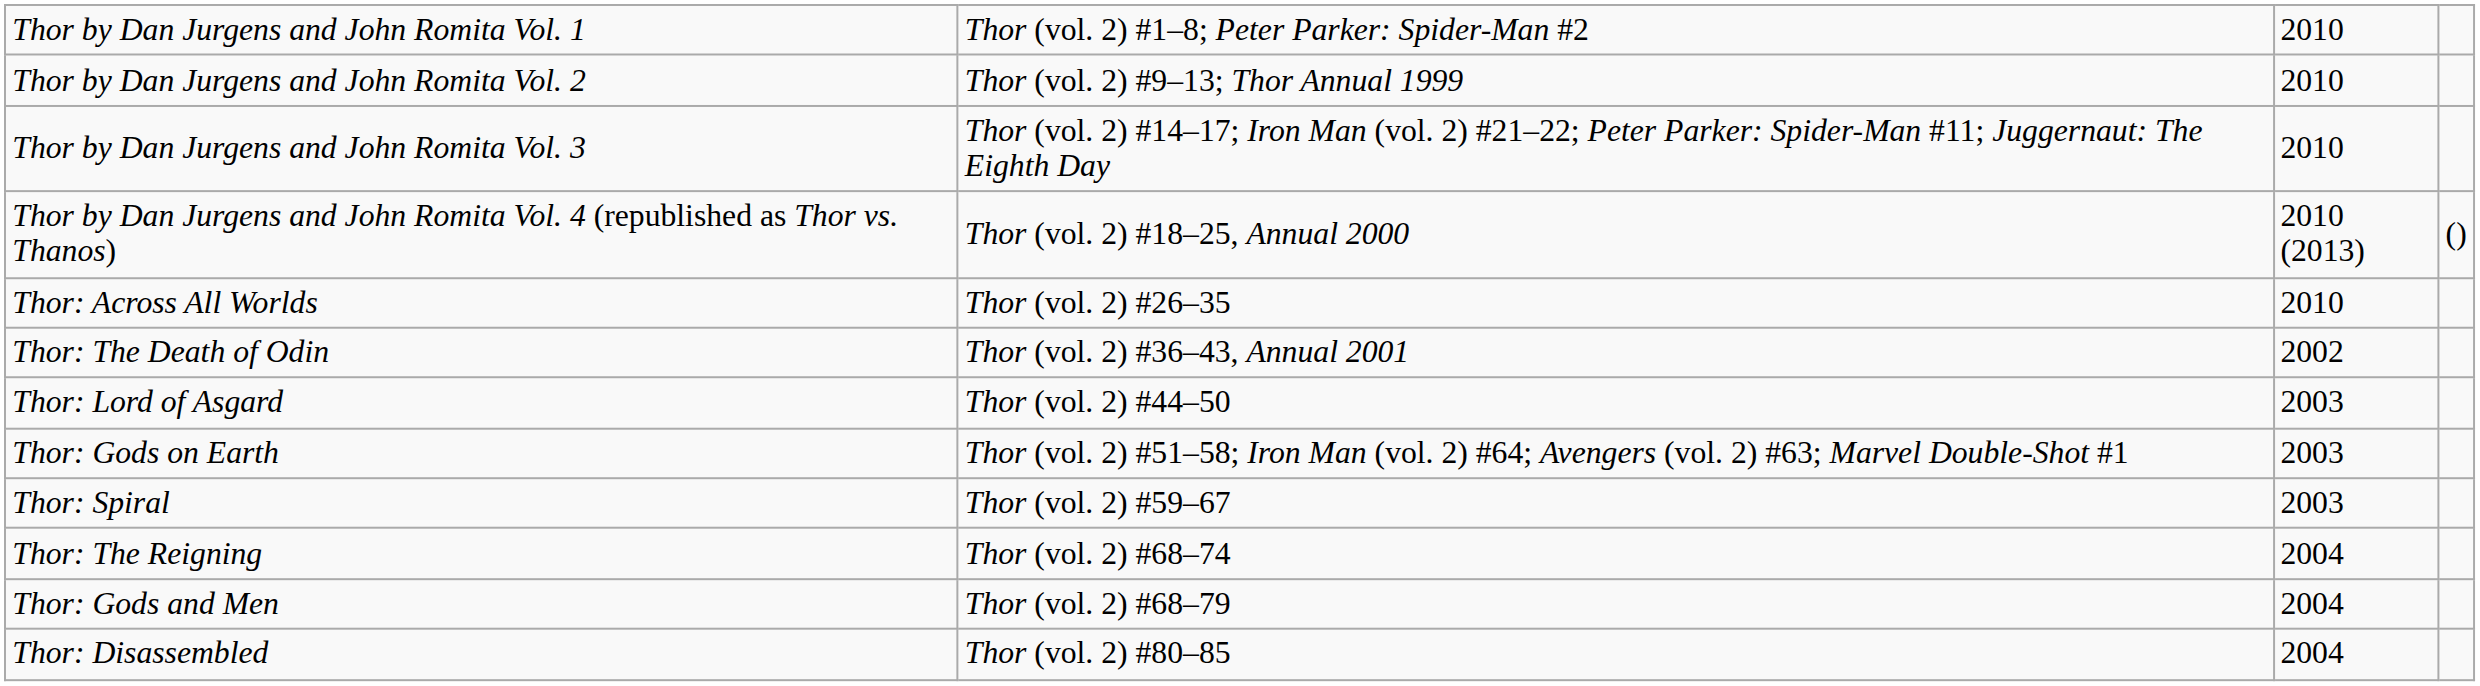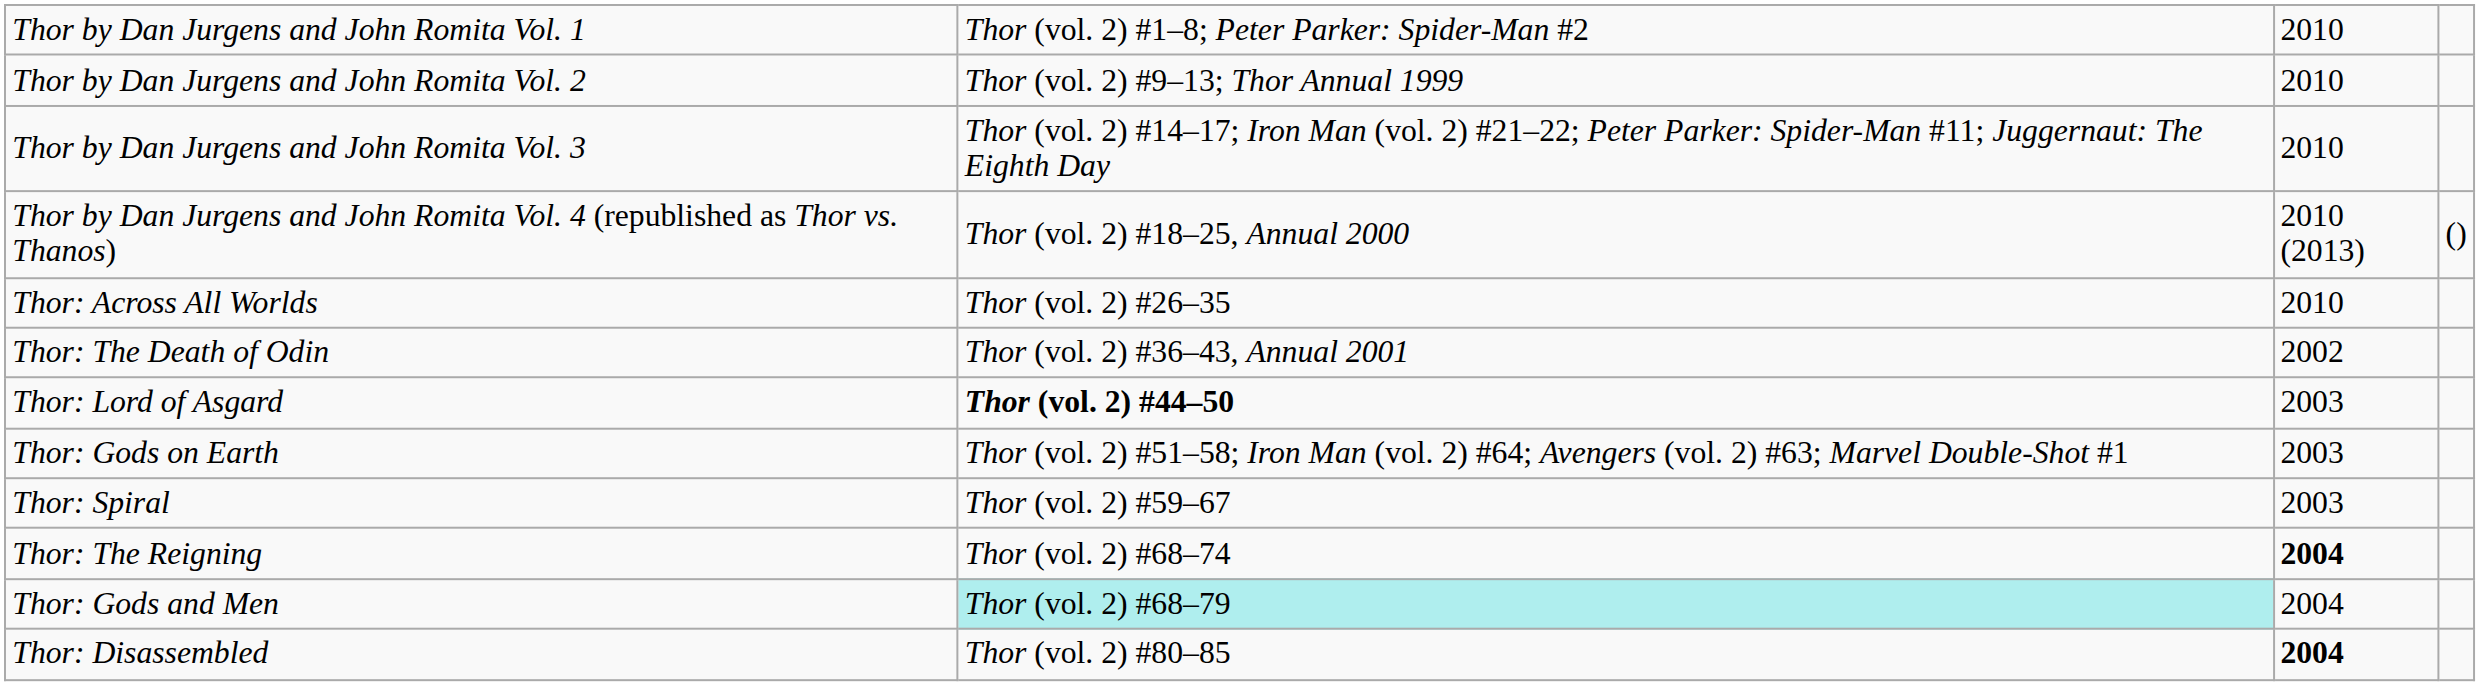 <table class="wikitable sortable">
 <tr>
 <td><em>Thor by Dan Jurgens and John Romita Vol. 1</em></td>
 <td><em>Thor</em> (vol. 2) #1–8; <em>Peter Parker: Spider-Man</em> #2</td>
 <td>2010</td>
 <td></td>
 </tr>
 <tr>
 <td><em>Thor by Dan Jurgens and John Romita Vol. 2</em></td>
 <td><em>Thor</em> (vol. 2) #9–13; <em>Thor Annual 1999</em></td>
 <td>2010</td>
 <td></td>
 </tr>
 <tr>
 <td><em>Thor by Dan Jurgens and John Romita Vol. 3</em></td>
 <td><em>Thor</em> (vol. 2) #14–17; <em>Iron Man</em> (vol. 2) #21–22; <em>Peter Parker: Spider-Man</em> #11; <em>Juggernaut: The Eighth Day</em></td>
 <td>2010</td>
 <td></td>
 </tr>
 <tr>
 <td><em>Thor by Dan Jurgens and John Romita Vol. 4</em> (republished as <em>Thor vs. Thanos</em>)</td>
 <td><em>Thor</em> (vol. 2) #18–25, <em>Annual 2000</em></td>
 <td>2010 (2013)</td>
 <td> ()</td>
 </tr>
 <tr>
 <td><em>Thor: Across All Worlds</em></td>
 <td><em>Thor</em> (vol. 2) #26–35</td>
 <td>2010</td>
 <td></td>
 </tr>
 <tr>
 <td><em>Thor: The Death of Odin</em></td>
 <td><em>Thor</em> (vol. 2) #36–43, <em>Annual 2001</em></td>
 <td>2002</td>
 <td></td>
 </tr>
 <tr>
 <td><em>Thor: Lord of Asgard</em></td>
-<td><em>Thor</em> (vol. 2) #44–50</td>
+<td><strong><em>Thor</em> (vol. 2) #44–50</strong></td>
 <td>2003</td>
 <td></td>
 </tr>
 <tr>
 <td><em>Thor: Gods on Earth</em></td>
 <td><em>Thor</em> (vol. 2) #51–58; <em>Iron Man</em> (vol. 2) #64; <em>Avengers</em> (vol. 2) #63; <em>Marvel Double-Shot</em> #1</td>
 <td>2003</td>
 <td></td>
 </tr>
 <tr>
 <td><em>Thor: Spiral</em></td>
 <td><em>Thor</em> (vol. 2) #59–67</td>
 <td>2003</td>
 <td></td>
 </tr>
 <tr>
 <td><em>Thor: The Reigning</em></td>
 <td><em>Thor</em> (vol. 2) #68–74</td>
-<td>2004</td>
+<td><strong>2004</strong></td>
 <td></td>
 </tr>
 <tr>
 <td><em>Thor: Gods and Men</em></td>
-<td><em>Thor</em> (vol. 2) #68–79</td>
+<td style="background: paleturquoise;"><em>Thor</em> (vol. 2) #68–79</td>
 <td>2004</td>
 <td></td>
 </tr>
 <tr>
 <td><em>Thor: Disassembled</em></td>
 <td><em>Thor</em> (vol. 2) #80–85</td>
-<td>2004</td>
+<td><strong>2004</strong></td>
 <td></td>
 </tr>
 </table>
